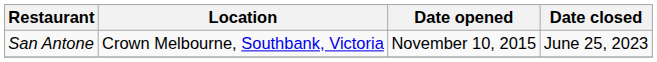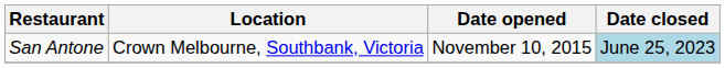 <table class="wikitable">
 <tr>
 <th>Restaurant</th>
 <th>Location</th>
 <th>Date opened</th>
 <th>Date closed</th>
 </tr>
 <tr>
 <td><em>San Antone</em></td>
 <td>Crown Melbourne, <a href='#'>Southbank, Victoria</a></td>
 <td style="text-align: center;">November 10, 2015</td>
-<td style="text-align: center;">June 25, 2023</td>
+<td style="background: lightblue; text-align: center;">June 25, 2023</td>
 </tr>
 <tr>
 </tr>
 </table>
